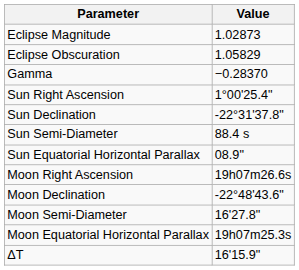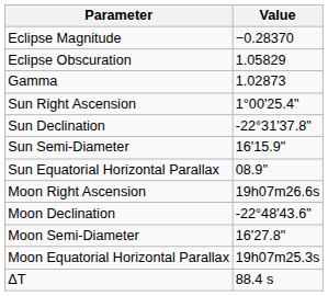 <table class="wikitable">
 <tr>
 <th>Parameter</th>
 <th>Value</th>
 </tr>
 <tr>
 <td>Eclipse Magnitude</td>
-<td>1.02873</td>
+<td>−0.28370</td>
 </tr>
 <tr>
 <td>Eclipse Obscuration</td>
 <td>1.05829</td>
 </tr>
 <tr>
 <td>Gamma</td>
-<td>−0.28370</td>
+<td>1.02873</td>
 </tr>
 <tr>
 <td>Sun Right Ascension</td>
 <td>1°00'25.4"</td>
 </tr>
 <tr>
 <td>Sun Declination</td>
 <td>-22°31'37.8"</td>
 </tr>
 <tr>
 <td>Sun Semi-Diameter</td>
-<td>88.4 s</td>
+<td>16'15.9"</td>
 </tr>
 <tr>
 <td>Sun Equatorial Horizontal Parallax</td>
 <td>08.9"</td>
 </tr>
 <tr>
 <td>Moon Right Ascension</td>
 <td>19h07m26.6s</td>
 </tr>
 <tr>
 <td>Moon Declination</td>
 <td>-22°48'43.6"</td>
 </tr>
 <tr>
 <td>Moon Semi-Diameter</td>
 <td>16'27.8"</td>
 </tr>
 <tr>
 <td>Moon Equatorial Horizontal Parallax</td>
 <td>19h07m25.3s</td>
 </tr>
 <tr>
 <td>ΔT</td>
-<td>16'15.9"</td>
+<td>88.4 s</td>
 </tr>
 </table>
